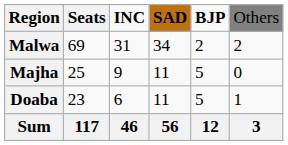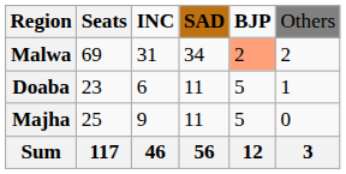 <table class="wikitable sortable">
 <tr>
 <th>Region</th>
 <th>Seats</th>
 <td><span><strong>INC</strong></span></td>
 <td bgcolor="#BD710F"><span><strong>SAD</strong></span></td>
 <td style="text-align:center; background:"><strong>BJP</strong></td>
 <td style="background:gray;">Others</td>
 </tr>
 <tr>
 <th>Malwa</th>
 <td>69</td>
 <td>31</td>
 <td>34</td>
+<td style="background: lightsalmon;">2</td>
 <td>2</td>
-<td>2</td>
+</tr>
+<tr>
+<th>Doaba</th>
+<td>23</td>
+<td>6</td>
+<td>11</td>
+<td>5</td>
+<td>1</td>
 </tr>
 <tr>
 <th>Majha</th>
 <td>25</td>
 <td>9</td>
 <td>11</td>
 <td>5</td>
 <td>0</td>
 </tr>
 <tr>
-<th>Doaba</th>
-<td>23</td>
-<td>6</td>
-<td>11</td>
-<td>5</td>
-<td>1</td>
-</tr>
-<tr>
 <th>Sum</th>
 <th>117</th>
 <th>46</th>
 <th>56</th>
 <th>12</th>
 <th>3</th>
 </tr>
 </table>
